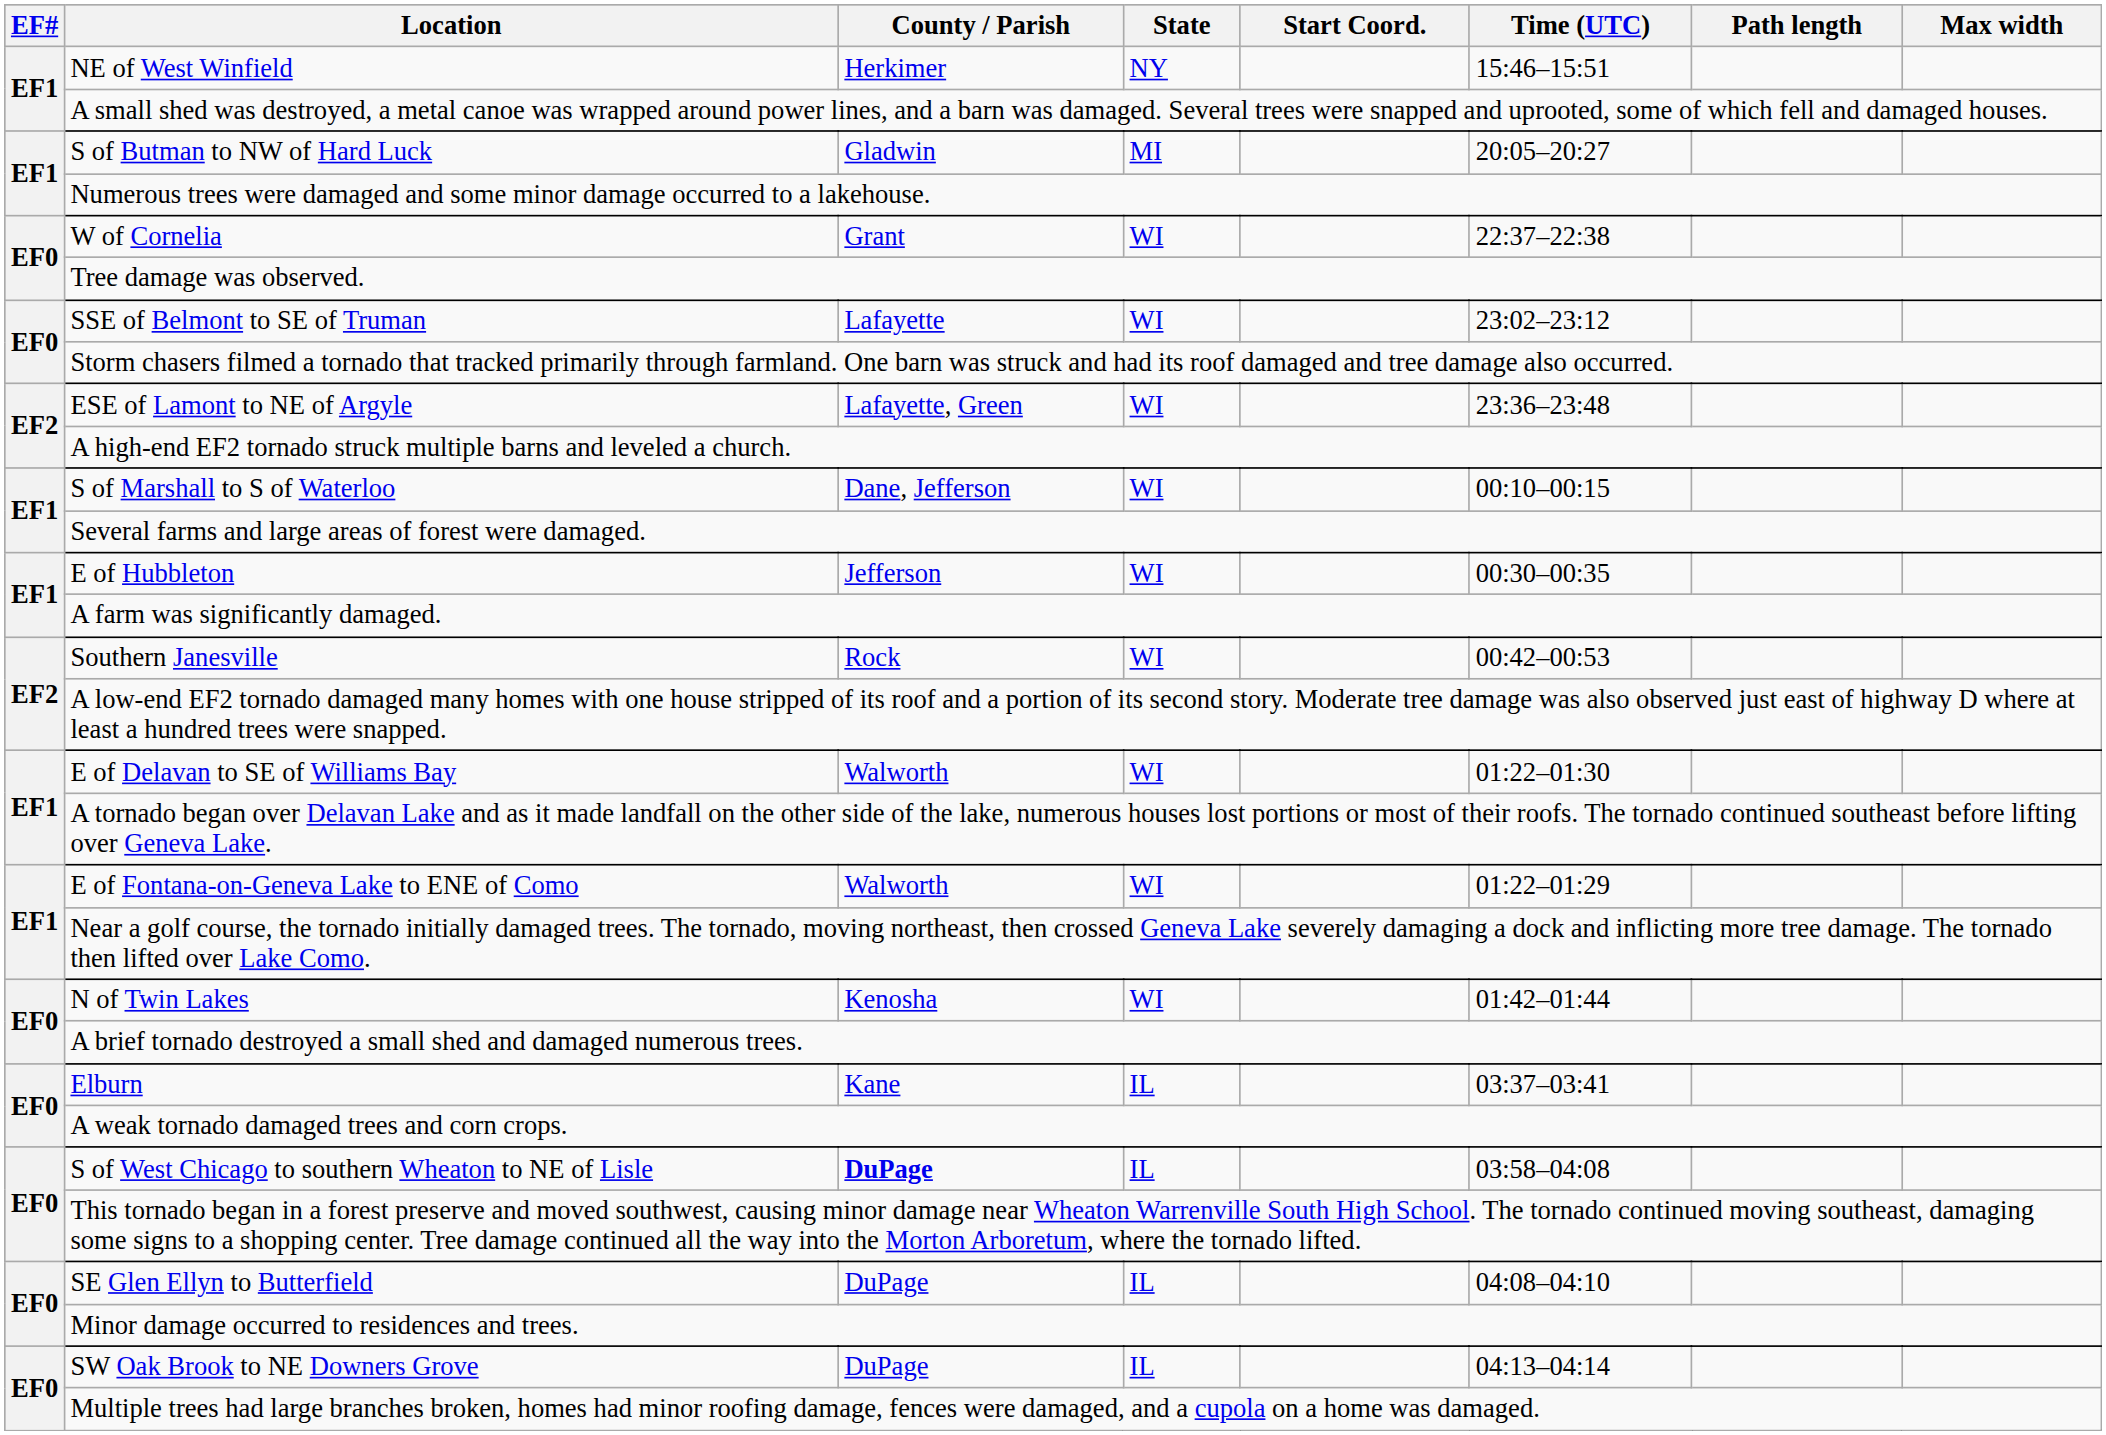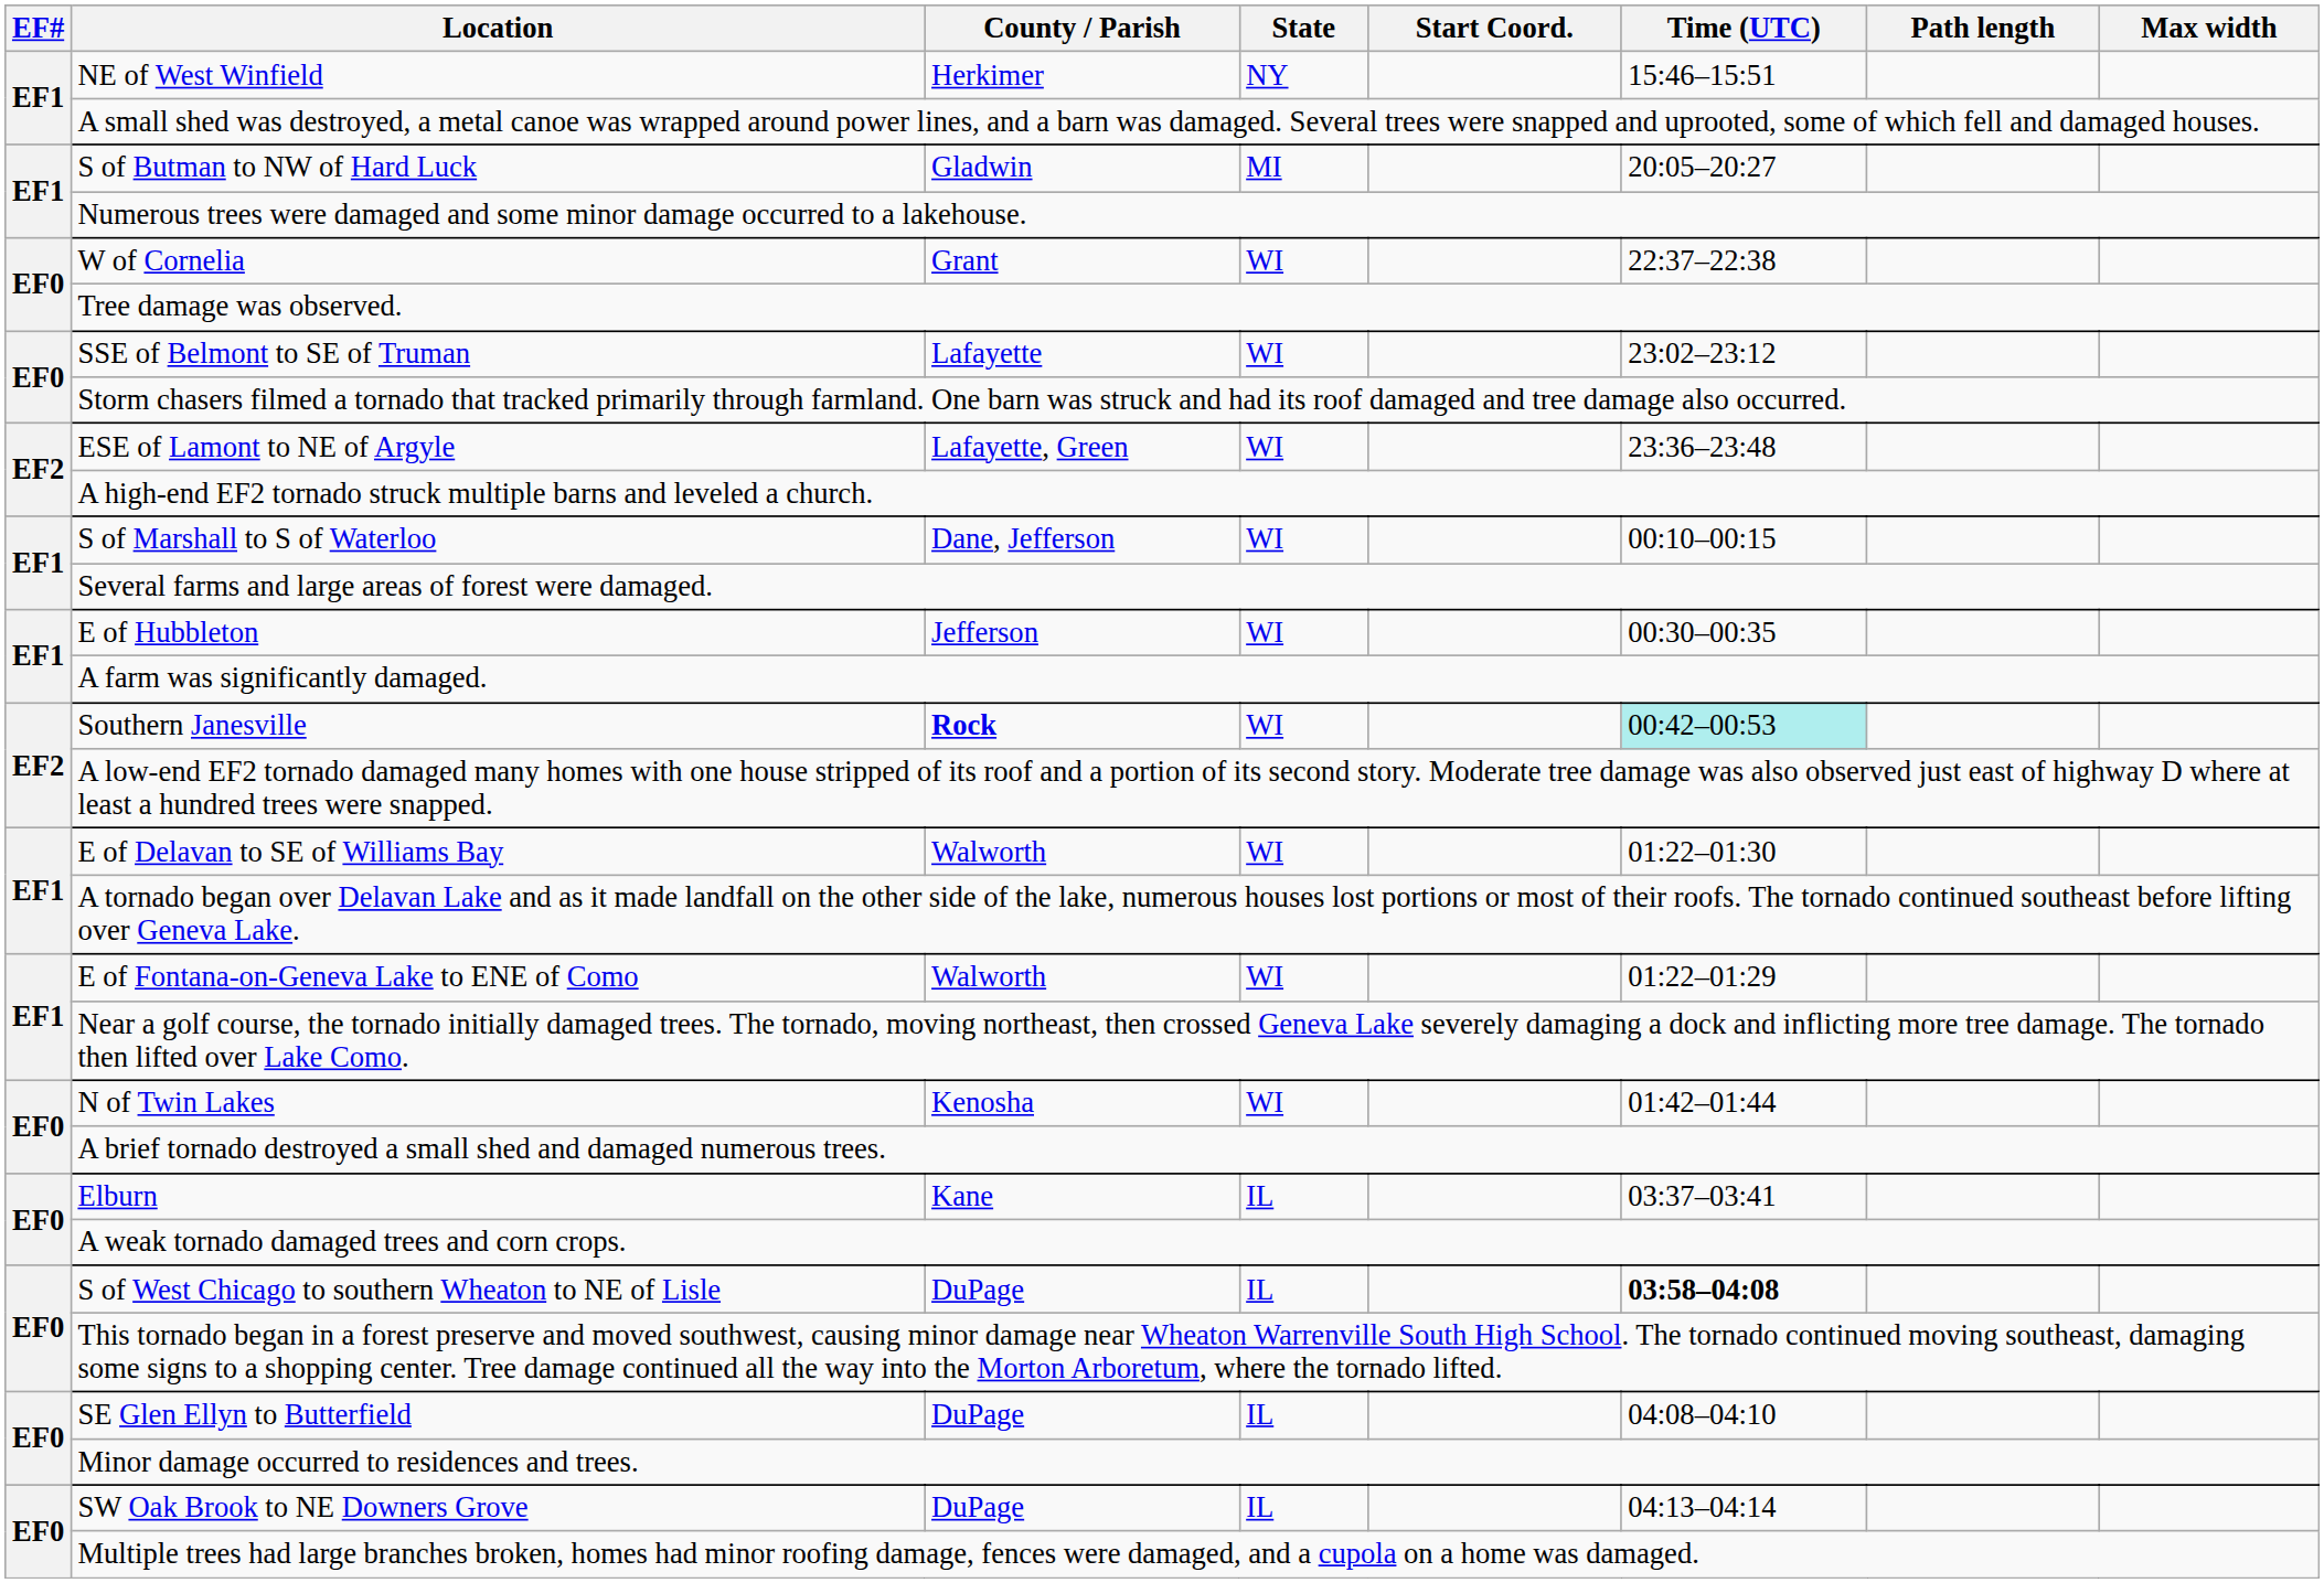 <table class="wikitable sortable" style="width:100%;">
 <tr>
 <th scope="col" width="2%" align="center"><a href='#'>EF#</a></th>
 <th scope="col" align="center" class="unsortable">Location</th>
 <th scope="col" align="center" class="unsortable">County / Parish</th>
 <th scope="col" align="center">State</th>
 <th scope="col" align="center">Start Coord.</th>
 <th scope="col" align="center">Time (<a href='#'>UTC</a>)</th>
 <th scope="col" align="center">Path length</th>
 <th scope="col" align="center">Max width</th>
 </tr>
 <tr>
 <th scope="row" rowspan="2" style="background-color:#">EF1</th>
 <td>NE of <a href='#'>West Winfield</a></td>
 <td><a href='#'>Herkimer</a></td>
 <td><a href='#'>NY</a></td>
 <td></td>
 <td>15:46–15:51</td>
 <td></td>
 <td></td>
 </tr>
 <tr class="expand-child">
 <td colspan="8" style=" border-bottom: 1px solid black;">A small shed was destroyed, a metal canoe was wrapped around power lines, and a barn was damaged. Several trees were snapped and uprooted, some of which fell and damaged houses.</td>
 </tr>
 <tr>
 <th scope="row" rowspan="2" style="background-color:#">EF1</th>
 <td>S of <a href='#'>Butman</a> to NW of <a href='#'>Hard Luck</a></td>
 <td><a href='#'>Gladwin</a></td>
 <td><a href='#'>MI</a></td>
 <td></td>
 <td>20:05–20:27</td>
 <td></td>
 <td></td>
 </tr>
 <tr class="expand-child">
 <td colspan="8" style=" border-bottom: 1px solid black;">Numerous trees were damaged and some minor damage occurred to a lakehouse.</td>
 </tr>
 <tr>
 <th scope="row" rowspan="2" style="background-color:#">EF0</th>
 <td>W of <a href='#'>Cornelia</a></td>
 <td><a href='#'>Grant</a></td>
 <td><a href='#'>WI</a></td>
 <td></td>
 <td>22:37–22:38</td>
 <td></td>
 <td></td>
 </tr>
 <tr class="expand-child">
 <td colspan="8" style=" border-bottom: 1px solid black;">Tree damage was observed.</td>
 </tr>
 <tr>
 <th scope="row" rowspan="2" style="background-color:#">EF0</th>
 <td>SSE of <a href='#'>Belmont</a> to SE of <a href='#'>Truman</a></td>
 <td><a href='#'>Lafayette</a></td>
 <td><a href='#'>WI</a></td>
 <td></td>
 <td>23:02–23:12</td>
 <td></td>
 <td></td>
 </tr>
 <tr class="expand-child">
 <td colspan="8" style=" border-bottom: 1px solid black;">Storm chasers filmed a tornado that tracked primarily through farmland. One barn was struck and had its roof damaged and tree damage also occurred.</td>
 </tr>
 <tr>
 <th scope="row" rowspan="2" style="background-color:#">EF2</th>
 <td>ESE of <a href='#'>Lamont</a> to NE of <a href='#'>Argyle</a></td>
 <td><a href='#'>Lafayette</a>, <a href='#'>Green</a></td>
 <td><a href='#'>WI</a></td>
 <td></td>
 <td>23:36–23:48</td>
 <td></td>
 <td></td>
 </tr>
 <tr class="expand-child">
 <td colspan="8" style=" border-bottom: 1px solid black;">A high-end EF2 tornado struck multiple barns and leveled a church.</td>
 </tr>
 <tr>
 <th scope="row" rowspan="2" style="background-color:#">EF1</th>
 <td>S of <a href='#'>Marshall</a> to S of <a href='#'>Waterloo</a></td>
 <td><a href='#'>Dane</a>, <a href='#'>Jefferson</a></td>
 <td><a href='#'>WI</a></td>
 <td></td>
 <td>00:10–00:15</td>
 <td></td>
 <td></td>
 </tr>
 <tr class="expand-child">
 <td colspan="8" style=" border-bottom: 1px solid black;">Several farms and large areas of forest were damaged.</td>
 </tr>
 <tr>
 <th scope="row" rowspan="2" style="background-color:#">EF1</th>
 <td>E of <a href='#'>Hubbleton</a></td>
 <td><a href='#'>Jefferson</a></td>
 <td><a href='#'>WI</a></td>
 <td></td>
 <td>00:30–00:35</td>
 <td></td>
 <td></td>
 </tr>
 <tr class="expand-child">
 <td colspan="8" style=" border-bottom: 1px solid black;">A farm was significantly damaged.</td>
 </tr>
 <tr>
 <th scope="row" rowspan="2" style="background-color:#">EF2</th>
 <td>Southern <a href='#'>Janesville</a></td>
-<td><a href='#'>Rock</a></td>
+<td><strong><a href='#'>Rock</a></strong></td>
 <td><a href='#'>WI</a></td>
 <td></td>
-<td>00:42–00:53</td>
+<td style="background: paleturquoise;">00:42–00:53</td>
 <td></td>
 <td></td>
 </tr>
 <tr class="expand-child">
 <td colspan="8" style=" border-bottom: 1px solid black;">A low-end EF2 tornado damaged many homes with one house stripped of its roof and a portion of its second story. Moderate tree damage was also observed just east of highway D where at least a hundred trees were snapped.</td>
 </tr>
 <tr>
 <th scope="row" rowspan="2" style="background-color:#">EF1</th>
 <td>E of <a href='#'>Delavan</a> to SE of <a href='#'>Williams Bay</a></td>
 <td><a href='#'>Walworth</a></td>
 <td><a href='#'>WI</a></td>
 <td></td>
 <td>01:22–01:30</td>
 <td></td>
 <td></td>
 </tr>
 <tr class="expand-child">
 <td colspan="8" style=" border-bottom: 1px solid black;">A tornado began over <a href='#'>Delavan Lake</a> and as it made landfall on the other side of the lake, numerous houses lost portions or most of their roofs. The tornado continued southeast before lifting over <a href='#'>Geneva Lake</a>.</td>
 </tr>
 <tr>
 <th scope="row" rowspan="2" style="background-color:#">EF1</th>
 <td>E of <a href='#'>Fontana-on-Geneva Lake</a> to ENE of <a href='#'>Como</a></td>
 <td><a href='#'>Walworth</a></td>
 <td><a href='#'>WI</a></td>
 <td></td>
 <td>01:22–01:29</td>
 <td></td>
 <td></td>
 </tr>
 <tr class="expand-child">
 <td colspan="8" style=" border-bottom: 1px solid black;">Near a golf course, the tornado initially damaged trees. The tornado, moving northeast, then crossed <a href='#'>Geneva Lake</a> severely damaging a dock and inflicting more tree damage. The tornado then lifted over <a href='#'>Lake Como</a>.</td>
 </tr>
 <tr>
 <th scope="row" rowspan="2" style="background-color:#">EF0</th>
 <td>N of <a href='#'>Twin Lakes</a></td>
 <td><a href='#'>Kenosha</a></td>
 <td><a href='#'>WI</a></td>
 <td></td>
 <td>01:42–01:44</td>
 <td></td>
 <td></td>
 </tr>
 <tr class="expand-child">
 <td colspan="8" style=" border-bottom: 1px solid black;">A brief tornado destroyed a small shed and damaged numerous trees.</td>
 </tr>
 <tr>
 <th scope="row" rowspan="2" style="background-color:#">EF0</th>
 <td><a href='#'>Elburn</a></td>
 <td><a href='#'>Kane</a></td>
 <td><a href='#'>IL</a></td>
 <td></td>
 <td>03:37–03:41</td>
 <td></td>
 <td></td>
 </tr>
 <tr class="expand-child">
 <td colspan="8" style=" border-bottom: 1px solid black;">A weak tornado damaged trees and corn crops.</td>
 </tr>
 <tr>
 <th scope="row" rowspan="2" style="background-color:#">EF0</th>
 <td>S of <a href='#'>West Chicago</a> to southern <a href='#'>Wheaton</a> to NE of <a href='#'>Lisle</a></td>
-<td><strong><a href='#'>DuPage</a></strong></td>
+<td><a href='#'>DuPage</a></td>
 <td><a href='#'>IL</a></td>
 <td></td>
-<td>03:58–04:08</td>
+<td><strong>03:58–04:08</strong></td>
 <td></td>
 <td></td>
 </tr>
 <tr class="expand-child">
 <td colspan="8" style=" border-bottom: 1px solid black;">This tornado began in a forest preserve and moved southwest, causing minor damage near <a href='#'>Wheaton Warrenville South High School</a>. The tornado continued moving southeast, damaging some signs to a shopping center. Tree damage continued all the way into the <a href='#'>Morton Arboretum</a>, where the tornado lifted.</td>
 </tr>
 <tr>
 <th scope="row" rowspan="2" style="background-color:#">EF0</th>
 <td>SE <a href='#'>Glen Ellyn</a> to <a href='#'>Butterfield</a></td>
 <td><a href='#'>DuPage</a></td>
 <td><a href='#'>IL</a></td>
 <td></td>
 <td>04:08–04:10</td>
 <td></td>
 <td></td>
 </tr>
 <tr class="expand-child">
 <td colspan="8" style=" border-bottom: 1px solid black;">Minor damage occurred to residences and trees.</td>
 </tr>
 <tr>
 <th scope="row" rowspan="2" style="background-color:#">EF0</th>
 <td>SW <a href='#'>Oak Brook</a> to NE <a href='#'>Downers Grove</a></td>
 <td><a href='#'>DuPage</a></td>
 <td><a href='#'>IL</a></td>
 <td></td>
 <td>04:13–04:14</td>
 <td></td>
 <td></td>
 </tr>
 <tr class="expand-child">
 <td colspan="8" style=" border-bottom: 1px solid black;">Multiple trees had large branches broken, homes had minor roofing damage, fences were damaged, and a <a href='#'>cupola</a> on a home was damaged.</td>
 </tr>
 <tr>
 </tr>
 </table>
